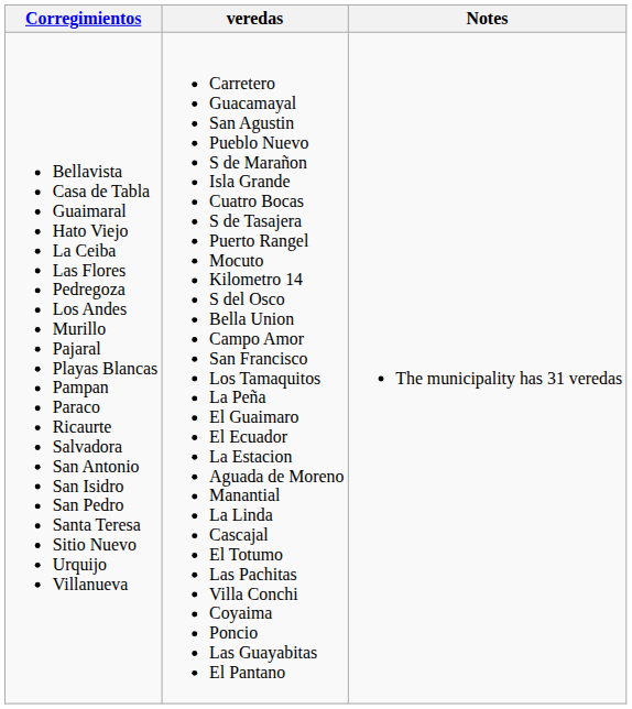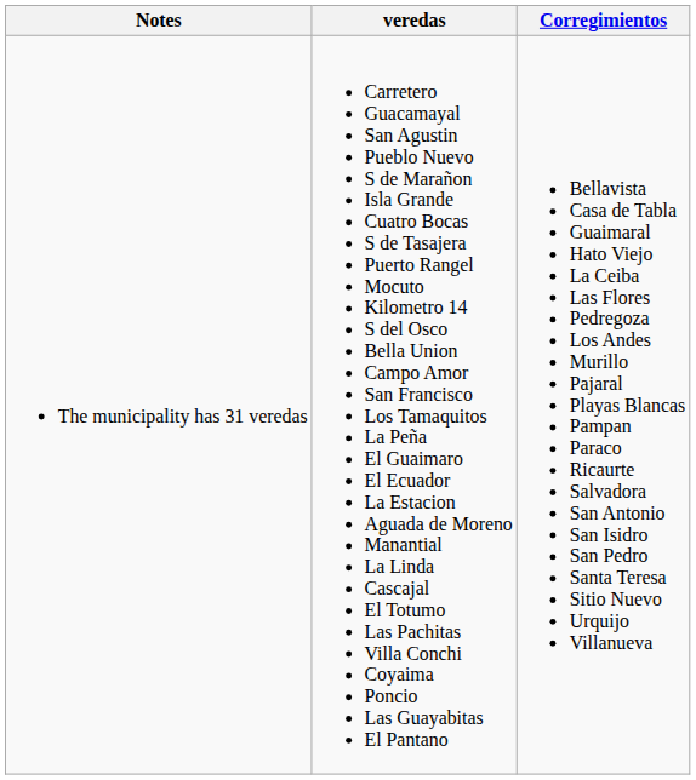 <table class="wikitable">
 <tr>
+<th>Notes</th>
+<th>veredas</th>
 <th><a href='#'>Corregimientos</a></th>
-<th>veredas</th>
-<th>Notes</th>
 </tr>
 <tr>
+<td><br><ul><li>The municipality has 31 veredas</li></ul></td>
+<td><br><ul><li>Carretero</li><li>Guacamayal</li><li>San Agustin</li><li>Pueblo Nuevo</li><li>S de Marañon</li><li>Isla Grande</li><li>Cuatro Bocas</li><li>S de Tasajera</li><li>Puerto Rangel</li><li>Mocuto</li><li>Kilometro 14</li><li>S del Osco</li><li>Bella Union</li><li>Campo Amor</li><li>San Francisco</li><li>Los Tamaquitos</li><li>La Peña</li><li>El Guaimaro</li><li>El Ecuador</li><li>La Estacion</li><li>Aguada de Moreno</li><li>Manantial</li><li>La Linda</li><li>Cascajal</li><li>El Totumo</li><li>Las Pachitas</li><li>Villa Conchi</li><li>Coyaima</li><li>Poncio</li><li>Las Guayabitas</li><li>El Pantano</li></ul></td>
 <td><br><ul><li>Bellavista</li><li>Casa de Tabla</li><li>Guaimaral</li><li>Hato Viejo</li><li>La Ceiba</li><li>Las Flores</li><li>Pedregoza</li><li>Los Andes</li><li>Murillo</li><li>Pajaral</li><li>Playas Blancas</li><li>Pampan</li><li>Paraco</li><li>Ricaurte</li><li>Salvadora</li><li>San Antonio</li><li>San Isidro</li><li>San Pedro</li><li>Santa Teresa</li><li>Sitio Nuevo</li><li>Urquijo</li><li>Villanueva</li></ul></td>
-<td><br><ul><li>Carretero</li><li>Guacamayal</li><li>San Agustin</li><li>Pueblo Nuevo</li><li>S de Marañon</li><li>Isla Grande</li><li>Cuatro Bocas</li><li>S de Tasajera</li><li>Puerto Rangel</li><li>Mocuto</li><li>Kilometro 14</li><li>S del Osco</li><li>Bella Union</li><li>Campo Amor</li><li>San Francisco</li><li>Los Tamaquitos</li><li>La Peña</li><li>El Guaimaro</li><li>El Ecuador</li><li>La Estacion</li><li>Aguada de Moreno</li><li>Manantial</li><li>La Linda</li><li>Cascajal</li><li>El Totumo</li><li>Las Pachitas</li><li>Villa Conchi</li><li>Coyaima</li><li>Poncio</li><li>Las Guayabitas</li><li>El Pantano</li></ul></td>
-<td><br><ul><li>The municipality has 31 veredas</li></ul></td>
 </tr>
 </table>
